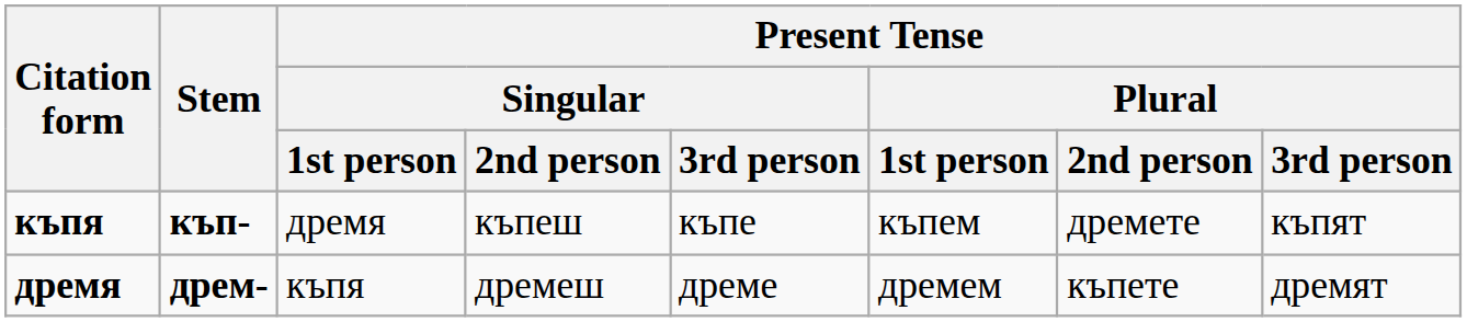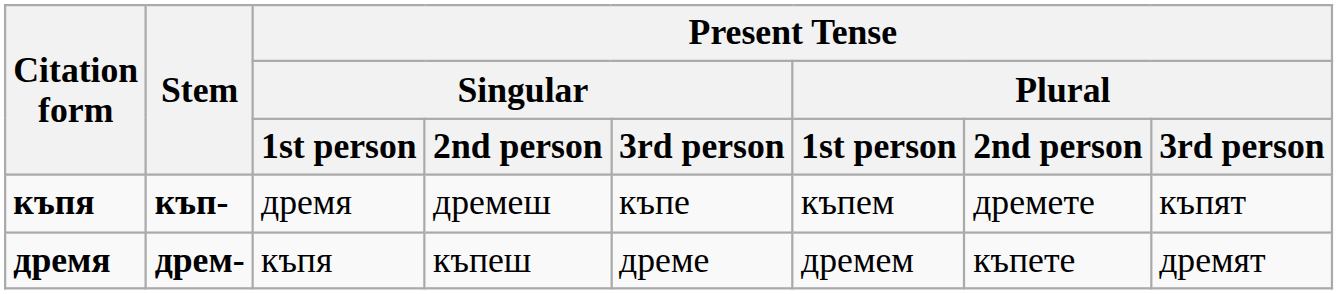 <table class="wikitable">
 <tr>
 <th rowspan="3">Citation<br>form</th>
 <th rowspan="3">Stem</th>
 <th colspan="6">Present Tense</th>
 </tr>
 <tr>
 <th colspan="3">Singular</th>
 <th colspan="3">Plural</th>
 </tr>
 <tr>
 <th><strong>1st person</strong></th>
 <th><strong>2nd person</strong></th>
 <th><strong>3rd person</strong></th>
 <th><strong>1st person</strong></th>
 <th><strong>2nd person</strong></th>
 <th><strong>3rd person</strong></th>
 </tr>
 <tr>
 <td><strong>къпя</strong> <br></td>
 <td><strong>къп-</strong> <br></td>
 <td>дрем<span>я</span> <br></td>
-<td>къп<span>е</span><span>ш</span> <br></td>
+<td>дрем<span>е</span><span>ш</span> <br></td>
 <td>къп<span>е</span> <br></td>
 <td>къп<span>е</span><span>м</span> <br></td>
 <td>дрем<span>е</span><span>те</span> <br></td>
 <td>къп<span>ят</span> <br></td>
 </tr>
 <tr>
 <td><strong>дремя</strong> <br></td>
 <td><strong>дрем-</strong> <br></td>
 <td>къп<span>я</span> <br></td>
-<td>дрем<span>е</span><span>ш</span> <br></td>
+<td>къп<span>е</span><span>ш</span> <br></td>
 <td>дрем<span>е</span> <br></td>
 <td>дрем<span>е</span><span>м</span> <br></td>
 <td>къп<span>е</span><span>те</span> <br></td>
 <td>дрем<span>ят</span> <br></td>
 </tr>
 </table>
